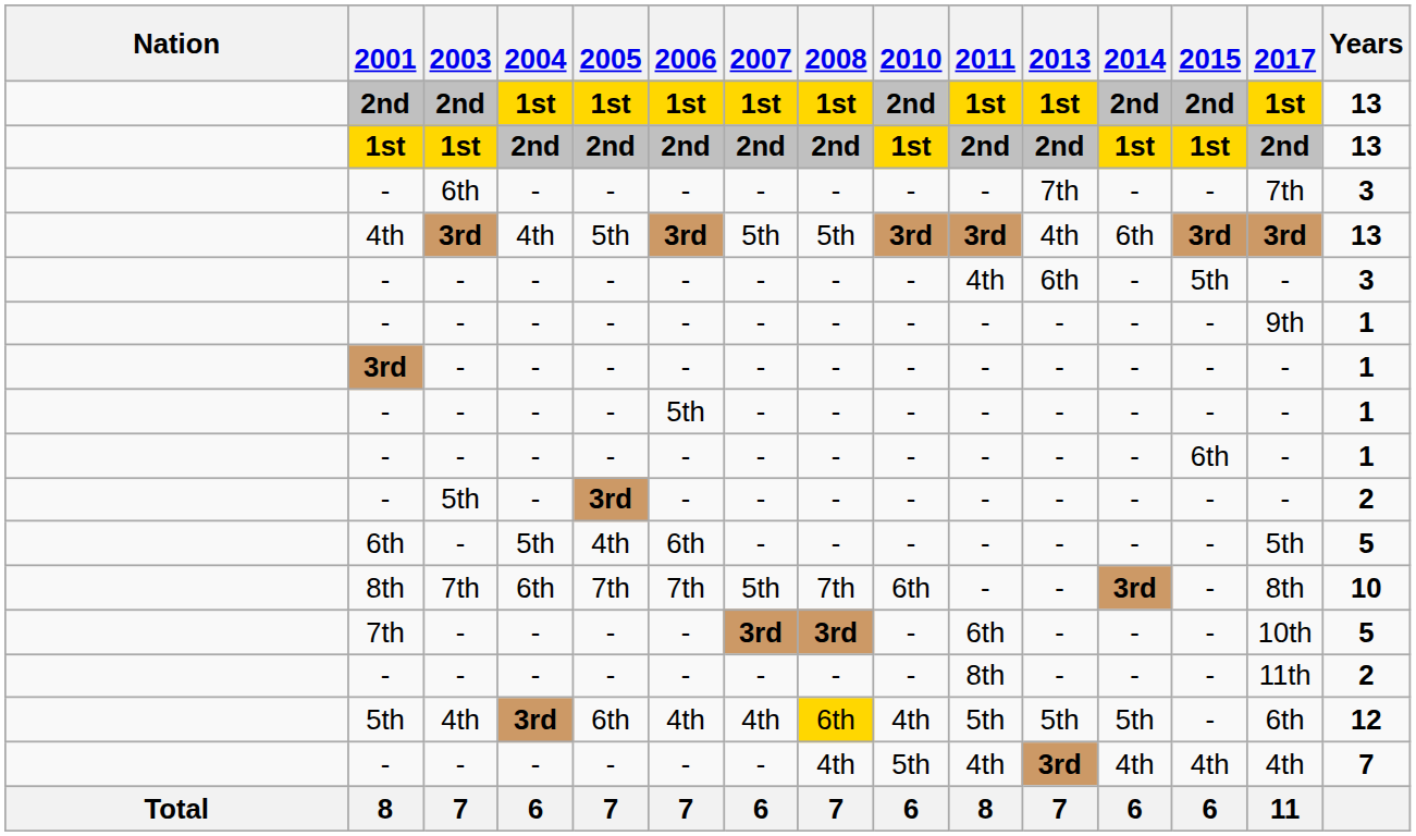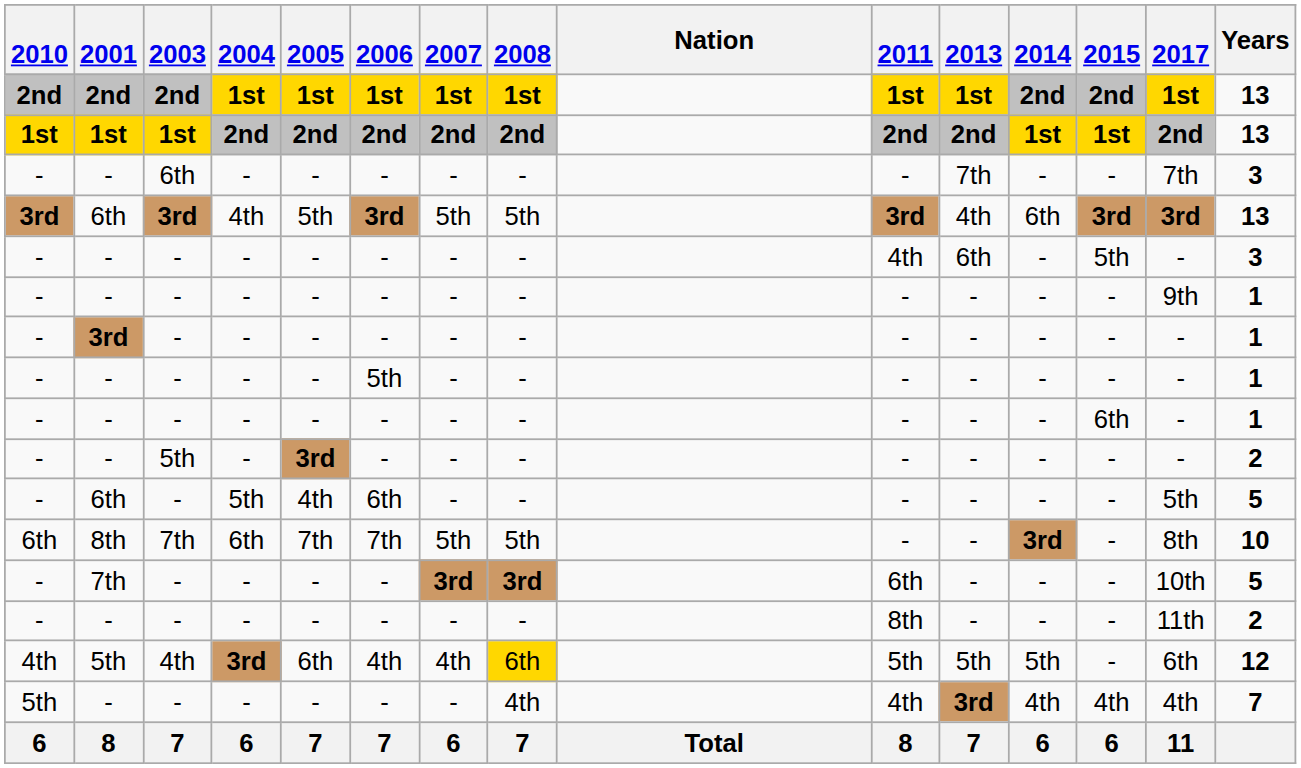 <table class="wikitable" style="text-align:center; font-size:90%">
 <tr>
-<th width=170>Nation</th>
+<th><br><a href='#'>2010</a></th>
 <th><br><a href='#'>2001</a></th>
 <th><br><a href='#'>2003</a></th>
 <th><br><a href='#'>2004</a></th>
 <th><br><a href='#'>2005</a></th>
 <th><br><a href='#'>2006</a></th>
 <th><br><a href='#'>2007</a></th>
 <th><br><a href='#'>2008</a></th>
-<th><br><a href='#'>2010</a></th>
+<th width=170>Nation</th>
 <th><br><a href='#'>2011</a></th>
 <th><br><a href='#'>2013</a></th>
 <th><br><a href='#'>2014</a></th>
 <th><br><a href='#'>2015</a></th>
 <th><br><a href='#'>2017</a></th>
 <th>Years</th>
 </tr>
 <tr>
-<td align=left></td>
+<td bgcolor=silver><strong>2nd</strong></td>
 <td bgcolor=silver><strong>2nd</strong></td>
 <td bgcolor=silver><strong>2nd</strong></td>
 <td bgcolor=gold><strong>1st</strong></td>
 <td bgcolor=gold><strong>1st</strong></td>
 <td bgcolor=gold><strong>1st</strong></td>
 <td bgcolor=gold><strong>1st</strong></td>
 <td bgcolor=gold><strong>1st</strong></td>
-<td bgcolor=silver><strong>2nd</strong></td>
+<td align=left></td>
 <td bgcolor=gold><strong>1st</strong></td>
 <td bgcolor=gold><strong>1st</strong></td>
 <td bgcolor=silver><strong>2nd</strong></td>
 <td bgcolor=silver><strong>2nd</strong></td>
 <td bgcolor=gold><strong>1st</strong></td>
 <td><strong>13</strong></td>
 </tr>
 <tr>
-<td align=left></td>
+<td bgcolor=gold><strong>1st</strong></td>
 <td bgcolor=gold><strong>1st</strong></td>
 <td bgcolor=gold><strong>1st</strong></td>
 <td bgcolor=silver><strong>2nd</strong></td>
 <td bgcolor=silver><strong>2nd</strong></td>
 <td bgcolor=silver><strong>2nd</strong></td>
 <td bgcolor=silver><strong>2nd</strong></td>
 <td bgcolor=silver><strong>2nd</strong></td>
-<td bgcolor=gold><strong>1st</strong></td>
+<td align=left></td>
 <td bgcolor=silver><strong>2nd</strong></td>
 <td bgcolor=silver><strong>2nd</strong></td>
 <td bgcolor=gold><strong>1st</strong></td>
 <td bgcolor=gold><strong>1st</strong></td>
 <td bgcolor=silver><strong>2nd</strong></td>
 <td><strong>13</strong></td>
 </tr>
 <tr>
-<td align=left></td>
+<td>-</td>
 <td>-</td>
 <td>6th</td>
 <td>-</td>
 <td>-</td>
 <td>-</td>
 <td>-</td>
 <td>-</td>
-<td>-</td>
+<td align=left></td>
 <td>-</td>
 <td>7th</td>
 <td>-</td>
 <td>-</td>
 <td>7th</td>
 <td><strong>3</strong></td>
 </tr>
 <tr>
-<td align=left></td>
-<td>4th</td>
+<td bgcolor=#cc9966><strong>3rd</strong></td>
+<td>6th</td>
 <td bgcolor=#cc9966><strong>3rd</strong></td>
 <td>4th</td>
 <td>5th</td>
 <td bgcolor=#cc9966><strong>3rd</strong></td>
 <td>5th</td>
 <td>5th</td>
-<td bgcolor=#cc9966><strong>3rd</strong></td>
+<td align=left></td>
 <td bgcolor=#cc9966><strong>3rd</strong></td>
 <td>4th</td>
 <td>6th</td>
 <td bgcolor=#cc9966><strong>3rd</strong></td>
 <td bgcolor=#cc9966><strong>3rd</strong></td>
 <td><strong>13</strong></td>
 </tr>
 <tr>
-<td align=left></td>
 <td>-</td>
 <td>-</td>
 <td>-</td>
 <td>-</td>
 <td>-</td>
 <td>-</td>
 <td>-</td>
 <td>-</td>
+<td align=left></td>
 <td>4th</td>
 <td>6th</td>
 <td>-</td>
 <td>5th</td>
 <td>-</td>
 <td><strong>3</strong></td>
 </tr>
 <tr>
-<td align=left></td>
 <td>-</td>
 <td>-</td>
 <td>-</td>
 <td>-</td>
 <td>-</td>
 <td>-</td>
 <td>-</td>
 <td>-</td>
+<td align=left></td>
 <td>-</td>
 <td>-</td>
 <td>-</td>
 <td>-</td>
 <td>9th</td>
 <td><strong>1</strong></td>
 </tr>
 <tr>
+<td>-</td>
+<td bgcolor=#cc9966><strong>3rd</strong></td>
+<td>-</td>
+<td>-</td>
+<td>-</td>
+<td>-</td>
+<td>-</td>
+<td>-</td>
 <td align=left></td>
-<td bgcolor=#cc9966><strong>3rd</strong></td>
+<td>-</td>
+<td>-</td>
+<td>-</td>
+<td>-</td>
+<td>-</td>
+<td><strong>1</strong></td>
+</tr>
+<tr>
+<td>-</td>
+<td>-</td>
+<td>-</td>
+<td>-</td>
+<td>-</td>
+<td>5th</td>
+<td>-</td>
+<td>-</td>
+<td align=left></td>
+<td>-</td>
+<td>-</td>
+<td>-</td>
+<td>-</td>
+<td>-</td>
+<td><strong>1</strong></td>
+</tr>
+<tr>
 <td>-</td>
 <td>-</td>
 <td>-</td>
 <td>-</td>
 <td>-</td>
 <td>-</td>
 <td>-</td>
 <td>-</td>
+<td align=left></td>
+<td>-</td>
+<td>-</td>
+<td>-</td>
+<td>6th</td>
+<td>-</td>
+<td><strong>1</strong></td>
+</tr>
+<tr>
+<td>-</td>
+<td>-</td>
+<td>5th</td>
+<td>-</td>
+<td bgcolor=#cc9966><strong>3rd</strong></td>
+<td>-</td>
+<td>-</td>
+<td>-</td>
+<td align=left></td>
 <td>-</td>
 <td>-</td>
 <td>-</td>
 <td>-</td>
-<td><strong>1</strong></td>
+<td>-</td>
+<td><strong>2</strong></td>
 </tr>
 <tr>
+<td>-</td>
+<td>6th</td>
+<td>-</td>
+<td>5th</td>
+<td>4th</td>
+<td>6th</td>
+<td>-</td>
+<td>-</td>
 <td align=left></td>
 <td>-</td>
 <td>-</td>
 <td>-</td>
 <td>-</td>
 <td>5th</td>
+<td><strong>5</strong></td>
+</tr>
+<tr>
+<td>6th</td>
+<td>8th</td>
+<td>7th</td>
+<td>6th</td>
+<td>7th</td>
+<td>7th</td>
+<td>5th</td>
+<td>5th</td>
+<td align=left></td>
+<td>-</td>
+<td>-</td>
+<td bgcolor=#cc9966><strong>3rd</strong></td>
+<td>-</td>
+<td>8th</td>
+<td><strong>10</strong></td>
+</tr>
+<tr>
+<td>-</td>
+<td>7th</td>
+<td>-</td>
+<td>-</td>
+<td>-</td>
+<td>-</td>
+<td bgcolor=#cc9966><strong>3rd</strong></td>
+<td bgcolor=#cc9966><strong>3rd</strong></td>
+<td align=left></td>
+<td>6th</td>
+<td>-</td>
+<td>-</td>
+<td>-</td>
+<td>10th</td>
+<td><strong>5</strong></td>
+</tr>
+<tr>
 <td>-</td>
 <td>-</td>
 <td>-</td>
 <td>-</td>
 <td>-</td>
 <td>-</td>
 <td>-</td>
 <td>-</td>
-<td><strong>1</strong></td>
-</tr>
-<tr>
 <td align=left></td>
-<td>-</td>
-<td>-</td>
-<td>-</td>
-<td>-</td>
-<td>-</td>
-<td>-</td>
-<td>-</td>
-<td>-</td>
-<td>-</td>
-<td>-</td>
-<td>-</td>
-<td>6th</td>
-<td>-</td>
-<td><strong>1</strong></td>
-</tr>
-<tr>
-<td align=left></td>
-<td>-</td>
-<td>5th</td>
-<td>-</td>
-<td bgcolor=#cc9966><strong>3rd</strong></td>
-<td>-</td>
-<td>-</td>
-<td>-</td>
-<td>-</td>
-<td>-</td>
-<td>-</td>
-<td>-</td>
-<td>-</td>
-<td>-</td>
-<td><strong>2</strong></td>
-</tr>
-<tr>
-<td align=left></td>
-<td>6th</td>
-<td>-</td>
-<td>5th</td>
-<td>4th</td>
-<td>6th</td>
-<td>-</td>
-<td>-</td>
-<td>-</td>
-<td>-</td>
-<td>-</td>
-<td>-</td>
-<td>-</td>
-<td>5th</td>
-<td><strong>5</strong></td>
-</tr>
-<tr>
-<td align=left></td>
-<td>8th</td>
-<td>7th</td>
-<td>6th</td>
-<td>7th</td>
-<td>7th</td>
-<td>5th</td>
-<td>7th</td>
-<td>6th</td>
-<td>-</td>
-<td>-</td>
-<td bgcolor=#cc9966><strong>3rd</strong></td>
-<td>-</td>
-<td>8th</td>
-<td><strong>10</strong></td>
-</tr>
-<tr>
-<td align=left></td>
-<td>7th</td>
-<td>-</td>
-<td>-</td>
-<td>-</td>
-<td>-</td>
-<td bgcolor=#cc9966><strong>3rd</strong></td>
-<td bgcolor=#cc9966><strong>3rd</strong></td>
-<td>-</td>
-<td>6th</td>
-<td>-</td>
-<td>-</td>
-<td>-</td>
-<td>10th</td>
-<td><strong>5</strong></td>
-</tr>
-<tr>
-<td align=left></td>
-<td>-</td>
-<td>-</td>
-<td>-</td>
-<td>-</td>
-<td>-</td>
-<td>-</td>
-<td>-</td>
-<td>-</td>
 <td>8th</td>
 <td>-</td>
 <td>-</td>
 <td>-</td>
 <td>11th</td>
 <td><strong>2</strong></td>
 </tr>
 <tr>
-<td align=left></td>
+<td>4th</td>
 <td>5th</td>
 <td>4th</td>
 <td bgcolor=#cc9966><strong>3rd</strong></td>
 <td>6th</td>
 <td>4th</td>
 <td>4th</td>
 <td style="background: gold;">6th</td>
-<td>4th</td>
+<td align=left></td>
 <td>5th</td>
 <td>5th</td>
 <td>5th</td>
 <td>-</td>
 <td>6th</td>
 <td><strong>12</strong></td>
 </tr>
 <tr>
-<td align=left></td>
+<td>5th</td>
 <td>-</td>
 <td>-</td>
 <td>-</td>
 <td>-</td>
 <td>-</td>
 <td>-</td>
 <td>4th</td>
-<td>5th</td>
+<td align=left></td>
 <td>4th</td>
 <td bgcolor=#cc9966><strong>3rd</strong></td>
 <td>4th</td>
 <td>4th</td>
 <td>4th</td>
 <td><strong>7</strong></td>
 </tr>
 <tr>
-<th>Total</th>
+<th>6</th>
 <th>8</th>
 <th>7</th>
 <th>6</th>
 <th>7</th>
 <th>7</th>
 <th>6</th>
 <th>7</th>
-<th>6</th>
+<th>Total</th>
 <th>8</th>
 <th>7</th>
 <th>6</th>
 <th>6</th>
 <th>11</th>
 <th></th>
 </tr>
 </table>
